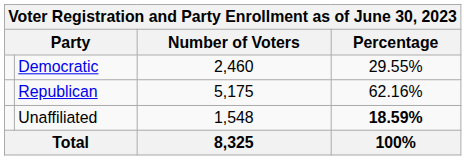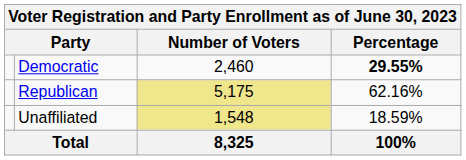 <table class=wikitable>
 <tr>
 <th colspan = 6>Voter Registration and Party Enrollment as of June 30, 2023</th>
 </tr>
 <tr>
 <th colspan = 2>Party</th>
 <th>Number of Voters</th>
 <th>Percentage</th>
 </tr>
 <tr>
 <td></td>
 <td><a href='#'>Democratic</a></td>
 <td align = center>2,460</td>
-<td align = center>29.55%</td>
+<td align = center><strong>29.55%</strong></td>
 </tr>
 <tr>
 <td></td>
 <td><a href='#'>Republican</a></td>
-<td align = center>5,175</td>
+<td align = center style="background: khaki;">5,175</td>
 <td align = center>62.16%</td>
 </tr>
 <tr>
 <td></td>
 <td>Unaffiliated</td>
-<td align = center>1,548</td>
-<td align = center><strong>18.59%</strong></td>
+<td align = center style="background: khaki;">1,548</td>
+<td align = center>18.59%</td>
 </tr>
 <tr>
 <th colspan = 2>Total</th>
 <th align = center>8,325</th>
 <th align = center>100%</th>
 </tr>
 </table>
